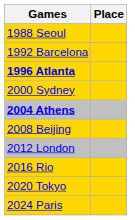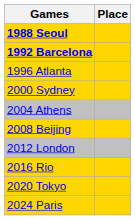 <table class="wikitable sortable" style="font-size:110%">
 <tr>
 <th>Games</th>
 <th>Place</th>
 </tr>
 <tr style="background:gold;">
-<td> <a href='#'>1988 Seoul</a></td>
+<td><strong> <a href='#'>1988 Seoul</a></strong></td>
 <td></td>
 </tr>
 <tr style="background:gold;">
-<td> <a href='#'>1992 Barcelona</a></td>
+<td><strong> <a href='#'>1992 Barcelona</a></strong></td>
 <td></td>
 </tr>
 <tr style="background:gold;">
-<td><strong> <a href='#'>1996 Atlanta</a></strong></td>
+<td> <a href='#'>1996 Atlanta</a></td>
 <td></td>
 </tr>
 <tr style="background:gold;">
 <td> <a href='#'>2000 Sydney</a></td>
 <td></td>
 </tr>
 <tr style="background:silver;">
-<td><strong> <a href='#'>2004 Athens</a></strong></td>
+<td> <a href='#'>2004 Athens</a></td>
 <td></td>
 </tr>
 <tr style="background:gold;">
 <td> <a href='#'>2008 Beijing</a></td>
 <td></td>
 </tr>
 <tr style="background:silver;">
 <td> <a href='#'>2012 London</a></td>
 <td></td>
 </tr>
 <tr style="background:gold;">
 <td> <a href='#'>2016 Rio</a></td>
 <td></td>
 </tr>
 <tr style="background:gold;">
 <td> <a href='#'>2020 Tokyo</a></td>
 <td></td>
 </tr>
 <tr style="background:gold;">
 <td> <a href='#'>2024 Paris</a></td>
 <td></td>
 </tr>
 </table>
